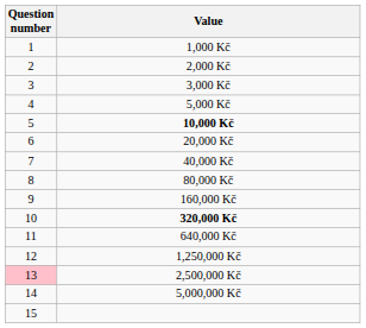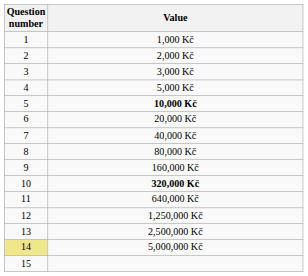 <table class="wikitable" style="text-align:center; border:1px;; cellpadding:2; cellspacing:0; width:30%;">
 <tr>
 <th style="width: 14%">Question number</th>
 <th>Value</th>
 </tr>
 <tr>
 <td>1</td>
 <td>1,000 Kč</td>
 </tr>
 <tr>
 <td>2</td>
 <td>2,000 Kč</td>
 </tr>
 <tr>
 <td>3</td>
 <td>3,000 Kč</td>
 </tr>
 <tr>
 <td>4</td>
 <td>5,000 Kč</td>
 </tr>
 <tr>
 <td>5</td>
 <td><strong>10,000 Kč</strong></td>
 </tr>
 <tr>
 <td>6</td>
 <td>20,000 Kč</td>
 </tr>
 <tr>
 <td>7</td>
 <td>40,000 Kč</td>
 </tr>
 <tr>
 <td>8</td>
 <td>80,000 Kč</td>
 </tr>
 <tr>
 <td>9</td>
 <td>160,000 Kč</td>
 </tr>
 <tr>
 <td>10</td>
 <td><strong>320,000 Kč</strong></td>
 </tr>
 <tr>
 <td>11</td>
 <td>640,000 Kč</td>
 </tr>
 <tr>
 <td>12</td>
 <td>1,250,000 Kč</td>
 </tr>
 <tr>
-<td style="background: pink;">13</td>
+<td>13</td>
 <td>2,500,000 Kč</td>
 </tr>
 <tr>
-<td>14</td>
+<td style="background: khaki;">14</td>
 <td>5,000,000 Kč</td>
 </tr>
 <tr>
 <td>15</td>
 <td><strong></strong></td>
 </tr>
 </table>
